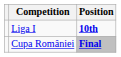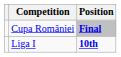 <table class="wikitable">
 <tr>
 <th></th>
 <th>Competition</th>
 <th>Position</th>
 </tr>
 <tr>
 <td></td>
+<td><a href='#'>Cupa României</a></td>
+<td style="background:silver;"><strong><a href='#'>Final</a></strong></td>
+</tr>
+<tr>
+<td></td>
 <td><a href='#'>Liga I</a></td>
 <td><strong><a href='#'>10th</a></strong></td>
 </tr>
-<tr>
-<td></td>
-<td><a href='#'>Cupa României</a></td>
-<td style="background:silver;"><strong><a href='#'>Final</a></strong></td>
-</tr>
 </table>
